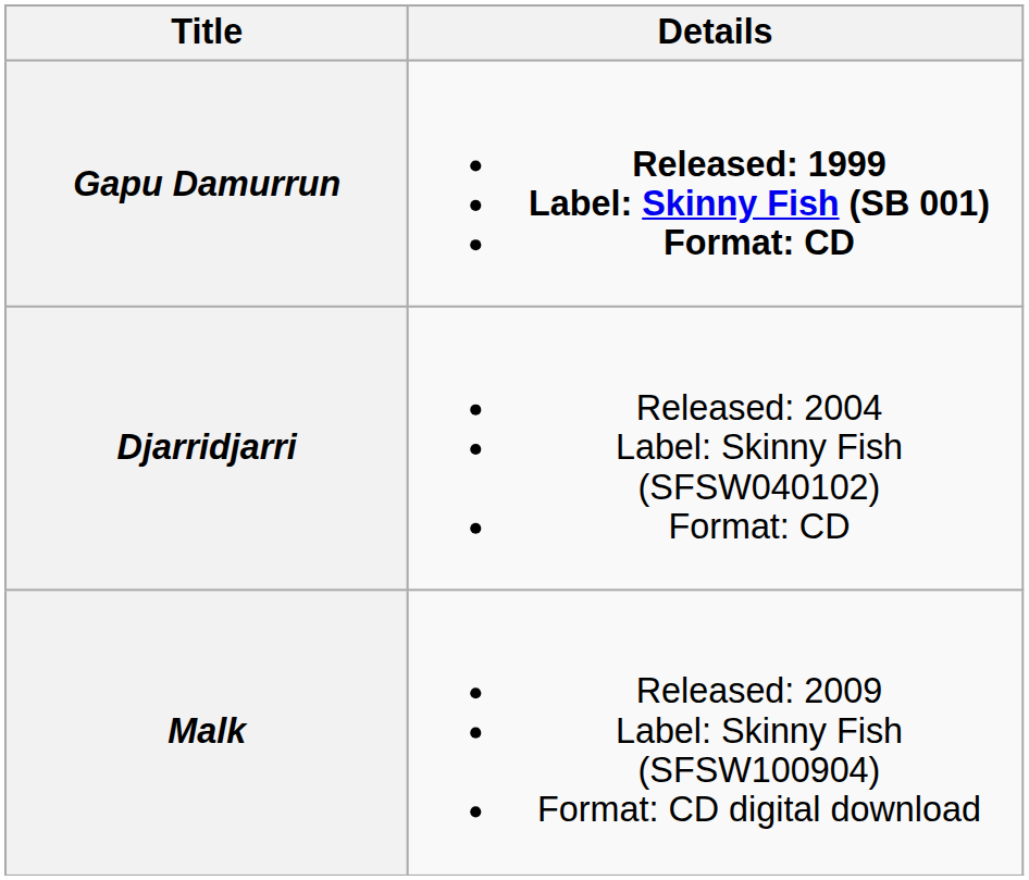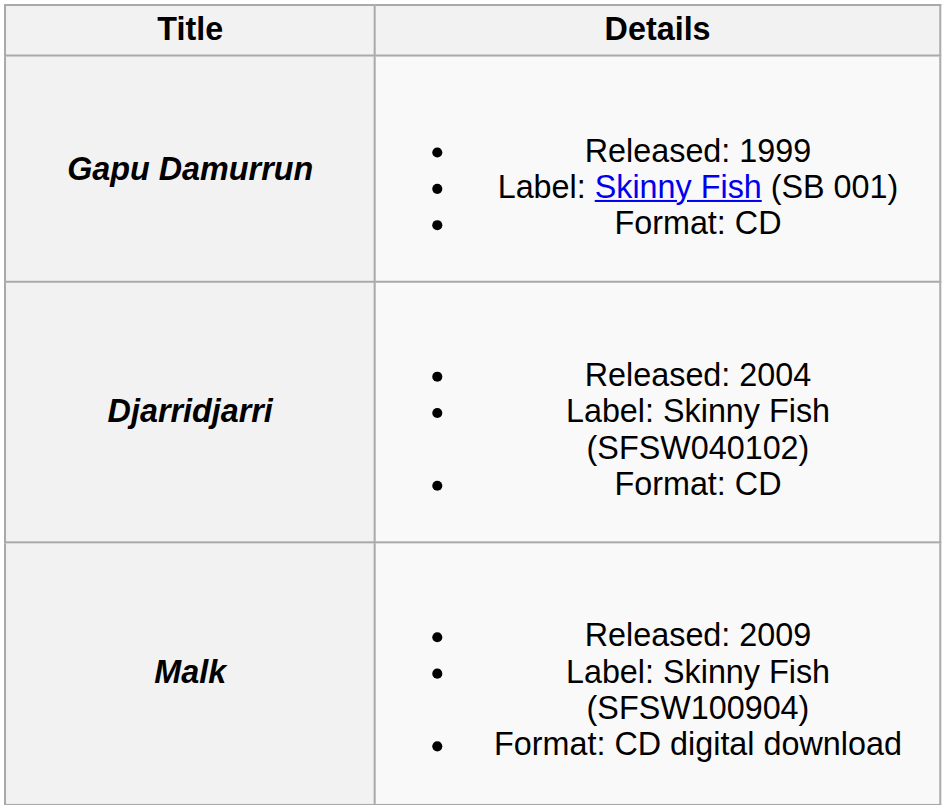 <table class="wikitable plainrowheaders" style="text-align:center;" border="1">
 <tr>
 <th scope="col" style="width:11em;">Title</th>
 <th scope="col" style="width:17em;">Details</th>
 </tr>
 <tr>
 <th scope="row"><em>Gapu Damurrun</em></th>
-<td><strong><br><ul><li>Released: 1999</li><li>Label: <a href='#'>Skinny Fish</a> (SB 001)</li><li>Format: CD</li></ul></strong></td>
+<td><br><ul><li>Released: 1999</li><li>Label: <a href='#'>Skinny Fish</a> (SB 001)</li><li>Format: CD</li></ul></td>
 </tr>
 <tr>
 <th scope="row"><em>Djarridjarri</em></th>
 <td><br><ul><li>Released: 2004</li><li>Label: Skinny Fish (SFSW040102)</li><li>Format: CD</li></ul></td>
 </tr>
 <tr>
 <th scope="row"><em>Malk</em></th>
 <td><br><ul><li>Released: 2009</li><li>Label: Skinny Fish (SFSW100904)</li><li>Format: CD digital download</li></ul></td>
 </tr>
 </table>
